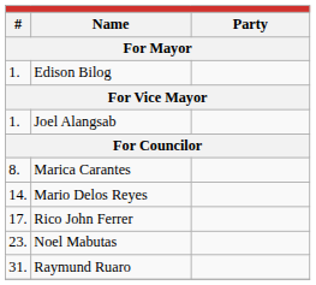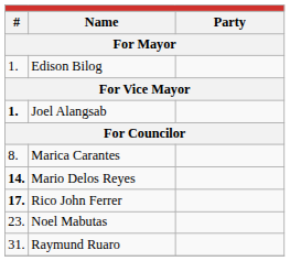 <table class="wikitable" style="font-size:90%">
 <tr>
 <td colspan="5" bgcolor="#D0312D"></td>
 </tr>
 <tr>
 <th>#</th>
 <th width=150px>Name</th>
 <th colspan=2 width=110px>Party</th>
 </tr>
 <tr>
 <th colspan=5>For Mayor</th>
 </tr>
 <tr>
 <td>1.</td>
 <td>Edison Bilog</td>
 <td></td>
 </tr>
 <tr>
 <th colspan=5>For Vice Mayor</th>
 </tr>
 <tr>
-<td>1.</td>
+<td><strong>1.</strong></td>
 <td>Joel Alangsab</td>
 <td></td>
 </tr>
 <tr>
 <th colspan="5">For Councilor</th>
 </tr>
 <tr>
 <td>8.</td>
 <td>Marica Carantes</td>
 <td></td>
 </tr>
 <tr>
-<td>14.</td>
+<td><strong>14.</strong></td>
 <td>Mario Delos Reyes</td>
 <td></td>
 </tr>
 <tr>
-<td>17.</td>
+<td><strong>17.</strong></td>
 <td>Rico John Ferrer</td>
 <td></td>
 </tr>
 <tr>
 <td>23.</td>
 <td>Noel Mabutas</td>
 <td></td>
 </tr>
 <tr>
 <td>31.</td>
 <td>Raymund Ruaro</td>
 <td></td>
 </tr>
 <tr>
 </tr>
 </table>
